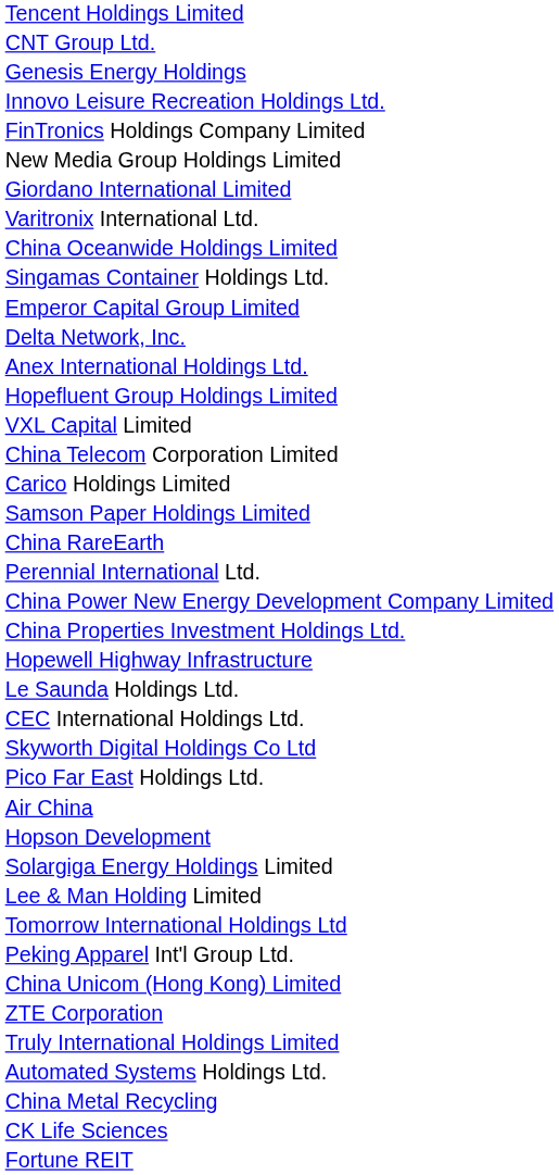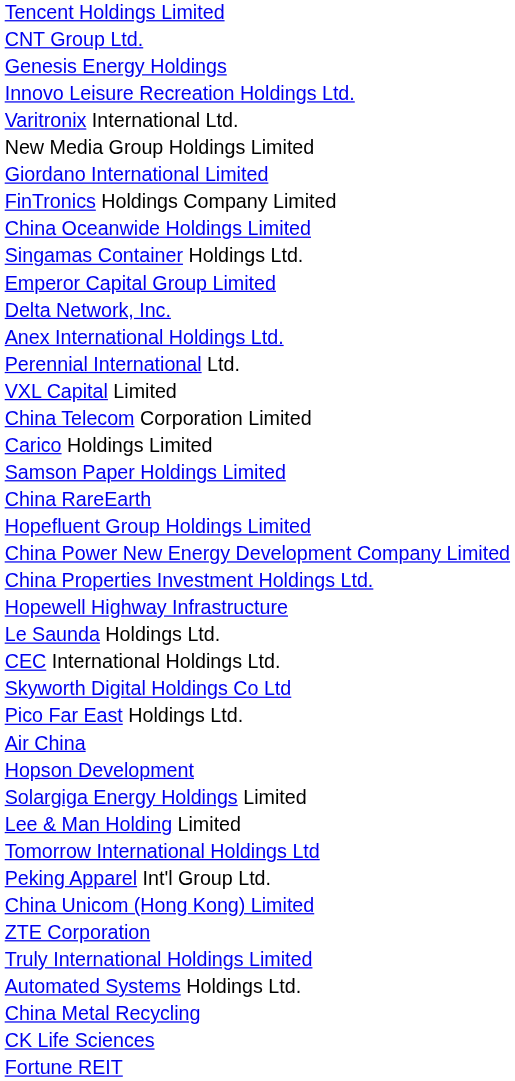 <table>
 <tr>
 <td> <a href='#'>Tencent Holdings Limited</a></td>
 </tr>
 <tr>
 <td> <a href='#'>CNT Group Ltd.</a></td>
 </tr>
 <tr>
 <td> <a href='#'>Genesis Energy Holdings</a></td>
 </tr>
 <tr>
 <td> <a href='#'>Innovo Leisure Recreation Holdings Ltd.</a></td>
 </tr>
 <tr>
-<td> <a href='#'>FinTronics</a> Holdings Company Limited</td>
+<td> <a href='#'>Varitronix</a> International Ltd.</td>
 </tr>
 <tr>
 <td> New Media Group Holdings Limited</td>
 </tr>
 <tr>
 <td> <a href='#'>Giordano International Limited</a></td>
 </tr>
 <tr>
-<td> <a href='#'>Varitronix</a> International Ltd.</td>
+<td> <a href='#'>FinTronics</a> Holdings Company Limited</td>
 </tr>
 <tr>
 <td> <a href='#'>China Oceanwide Holdings Limited</a></td>
 </tr>
 <tr>
 <td> <a href='#'>Singamas Container</a> Holdings Ltd.</td>
 </tr>
 <tr>
 <td> <a href='#'>Emperor Capital Group Limited</a></td>
 </tr>
 <tr>
 <td> <a href='#'>Delta Network, Inc.</a></td>
 </tr>
 <tr>
 <td> <a href='#'>Anex International Holdings Ltd.</a></td>
 </tr>
 <tr>
-<td> <a href='#'>Hopefluent Group Holdings Limited</a></td>
+<td> <a href='#'>Perennial International</a> Ltd.</td>
 </tr>
 <tr>
 <td> <a href='#'>VXL Capital</a> Limited</td>
 </tr>
 <tr>
 <td> <a href='#'>China Telecom</a> Corporation Limited</td>
 </tr>
 <tr>
 <td> <a href='#'>Carico</a> Holdings Limited</td>
 </tr>
 <tr>
 <td> <a href='#'>Samson Paper Holdings Limited</a></td>
 </tr>
 <tr>
 <td> <a href='#'>China RareEarth</a></td>
 </tr>
 <tr>
-<td> <a href='#'>Perennial International</a> Ltd.</td>
+<td> <a href='#'>Hopefluent Group Holdings Limited</a></td>
 </tr>
 <tr>
 <td> <a href='#'>China Power New Energy Development Company Limited</a></td>
 </tr>
 <tr>
 <td> <a href='#'>China Properties Investment Holdings Ltd.</a></td>
 </tr>
 <tr>
 <td> <a href='#'>Hopewell Highway Infrastructure</a></td>
 </tr>
 <tr>
 <td> <a href='#'>Le Saunda</a> Holdings Ltd.</td>
 </tr>
 <tr>
 <td> <a href='#'>CEC</a> International Holdings Ltd.</td>
 </tr>
 <tr>
 <td> <a href='#'>Skyworth Digital Holdings Co Ltd</a></td>
 </tr>
 <tr>
 <td> <a href='#'>Pico Far East</a> Holdings Ltd.</td>
 </tr>
 <tr>
 <td> <a href='#'>Air China</a></td>
 </tr>
 <tr>
 <td> <a href='#'>Hopson Development</a></td>
 </tr>
 <tr>
 <td> <a href='#'>Solargiga Energy Holdings</a> Limited</td>
 </tr>
 <tr>
 <td> <a href='#'>Lee & Man Holding</a> Limited</td>
 </tr>
 <tr>
 <td> <a href='#'>Tomorrow International Holdings Ltd</a></td>
 </tr>
 <tr>
 <td> <a href='#'>Peking Apparel</a> Int'l Group Ltd.</td>
 </tr>
 <tr>
 <td> <a href='#'>China Unicom (Hong Kong) Limited</a></td>
 </tr>
 <tr>
 <td> <a href='#'>ZTE Corporation</a></td>
 </tr>
 <tr>
 <td> <a href='#'>Truly International Holdings Limited</a></td>
 </tr>
 <tr>
 <td> <a href='#'>Automated Systems</a> Holdings Ltd.</td>
 </tr>
 <tr>
 <td> <a href='#'>China Metal Recycling</a></td>
 </tr>
 <tr>
 <td> <a href='#'>CK Life Sciences</a></td>
 </tr>
 <tr>
 <td> <a href='#'>Fortune REIT</a></td>
 </tr>
 </table>
